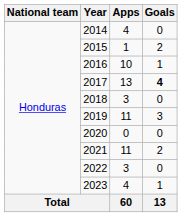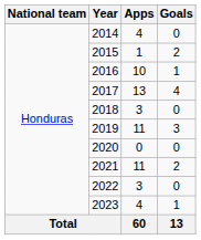 <table class=wikitable style=text-align:center>
 <tr>
 <th>National team</th>
 <th>Year</th>
 <th>Apps</th>
 <th>Goals</th>
 </tr>
 <tr>
 <td rowspan="10"><a href='#'>Honduras</a></td>
 <td>2014</td>
 <td>4</td>
 <td>0</td>
 </tr>
 <tr>
 <td>2015</td>
 <td>1</td>
 <td>2</td>
 </tr>
 <tr>
 <td>2016</td>
 <td>10</td>
 <td>1</td>
 </tr>
 <tr>
 <td>2017</td>
 <td>13</td>
-<td><strong>4</strong></td>
+<td>4</td>
 </tr>
 <tr>
 <td>2018</td>
 <td>3</td>
 <td>0</td>
 </tr>
 <tr>
 <td>2019</td>
 <td>11</td>
 <td>3</td>
 </tr>
 <tr>
 <td>2020</td>
 <td>0</td>
 <td>0</td>
 </tr>
 <tr>
 <td>2021</td>
 <td>11</td>
 <td>2</td>
 </tr>
 <tr>
 <td>2022</td>
 <td>3</td>
 <td>0</td>
 </tr>
 <tr>
 <td>2023</td>
 <td>4</td>
 <td>1</td>
 </tr>
 <tr>
 <th colspan="2">Total</th>
 <th>60</th>
 <th>13</th>
 </tr>
 </table>
